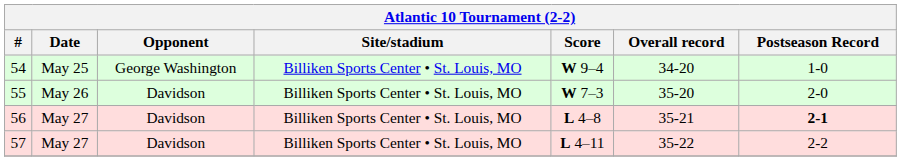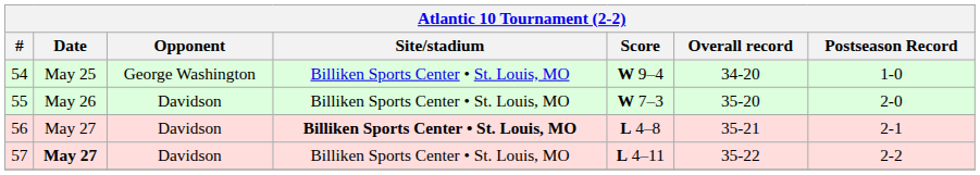 <table class="wikitable collapsible collapsed" style="margin:auto; width:100%; text-align:center; font-size:95%">
 <tr>
 <th colspan=12 style="padding-left:4em;"><a href='#'><span>Atlantic 10 Tournament (2-2)</span></a></th>
 </tr>
 <tr>
 <th>#</th>
 <th>Date</th>
 <th>Opponent</th>
 <th>Site/stadium</th>
 <th>Score</th>
 <th>Overall record</th>
 <th>Postseason Record</th>
 </tr>
 <tr bgcolor="#ddffdd">
 <td>54</td>
 <td>May 25</td>
 <td>George Washington</td>
 <td><a href='#'>Billiken Sports Center</a> • <a href='#'>St. Louis, MO</a></td>
 <td><strong>W</strong> 9–4</td>
 <td>34-20</td>
 <td>1-0</td>
 </tr>
 <tr bgcolor="#ddffdd">
 <td>55</td>
 <td>May 26</td>
 <td>Davidson</td>
 <td>Billiken Sports Center • St. Louis, MO</td>
 <td><strong>W</strong> 7–3</td>
 <td>35-20</td>
 <td>2-0</td>
 </tr>
 <tr bgcolor="#ffdddd">
 <td>56</td>
 <td>May 27</td>
 <td>Davidson</td>
-<td>Billiken Sports Center • St. Louis, MO</td>
+<td><strong>Billiken Sports Center • St. Louis, MO</strong></td>
 <td><strong>L</strong> 4–8</td>
 <td>35-21</td>
-<td><strong>2-1</strong></td>
+<td>2-1</td>
 </tr>
 <tr bgcolor="#ffdddd">
 <td>57</td>
-<td>May 27</td>
+<td><strong>May 27</strong></td>
 <td>Davidson</td>
 <td>Billiken Sports Center • St. Louis, MO</td>
 <td><strong>L</strong> 4–11</td>
 <td>35-22</td>
 <td>2-2</td>
 </tr>
 <tr>
 </tr>
 </table>
